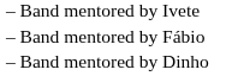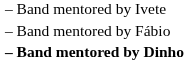 <table>
 <tr>
 <td> – Band mentored by Ivete</td>
 </tr>
 <tr>
 <td> – Band mentored by Fábio</td>
 </tr>
 <tr>
-<td> – Band mentored by Dinho</td>
+<td><strong> – Band mentored by Dinho</strong></td>
 </tr>
 </table>
